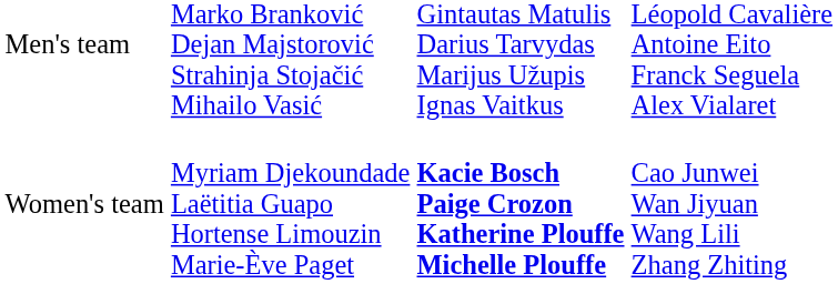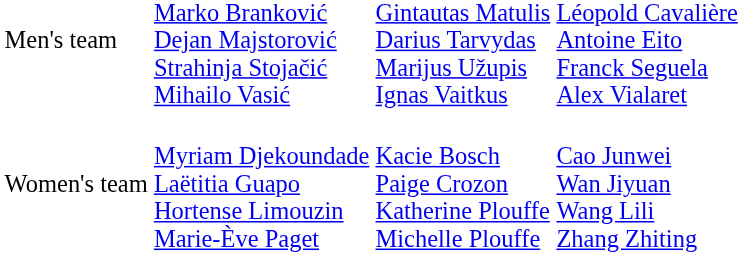 <table>
 <tr>
 <td>Men's team<br></td>
 <td><br><a href='#'>Marko Branković</a><br><a href='#'>Dejan Majstorović</a><br><a href='#'>Strahinja Stojačić</a><br><a href='#'>Mihailo Vasić</a></td>
 <td><br><a href='#'>Gintautas Matulis</a><br><a href='#'>Darius Tarvydas</a><br><a href='#'>Marijus Užupis</a><br><a href='#'>Ignas Vaitkus</a></td>
 <td><br><a href='#'>Léopold Cavalière</a><br><a href='#'>Antoine Eito</a><br><a href='#'>Franck Seguela</a><br><a href='#'>Alex Vialaret</a></td>
 </tr>
 <tr>
 <td>Women's team<br></td>
 <td><br><a href='#'>Myriam Djekoundade</a><br><a href='#'>Laëtitia Guapo</a><br><a href='#'>Hortense Limouzin</a><br><a href='#'>Marie-Ève Paget</a></td>
-<td><strong><br><a href='#'>Kacie Bosch</a><br><a href='#'>Paige Crozon</a><br><a href='#'>Katherine Plouffe</a><br><a href='#'>Michelle Plouffe</a></strong></td>
+<td><br><a href='#'>Kacie Bosch</a><br><a href='#'>Paige Crozon</a><br><a href='#'>Katherine Plouffe</a><br><a href='#'>Michelle Plouffe</a></td>
 <td><br><a href='#'>Cao Junwei</a><br><a href='#'>Wan Jiyuan</a><br><a href='#'>Wang Lili</a><br><a href='#'>Zhang Zhiting</a></td>
 </tr>
 </table>
